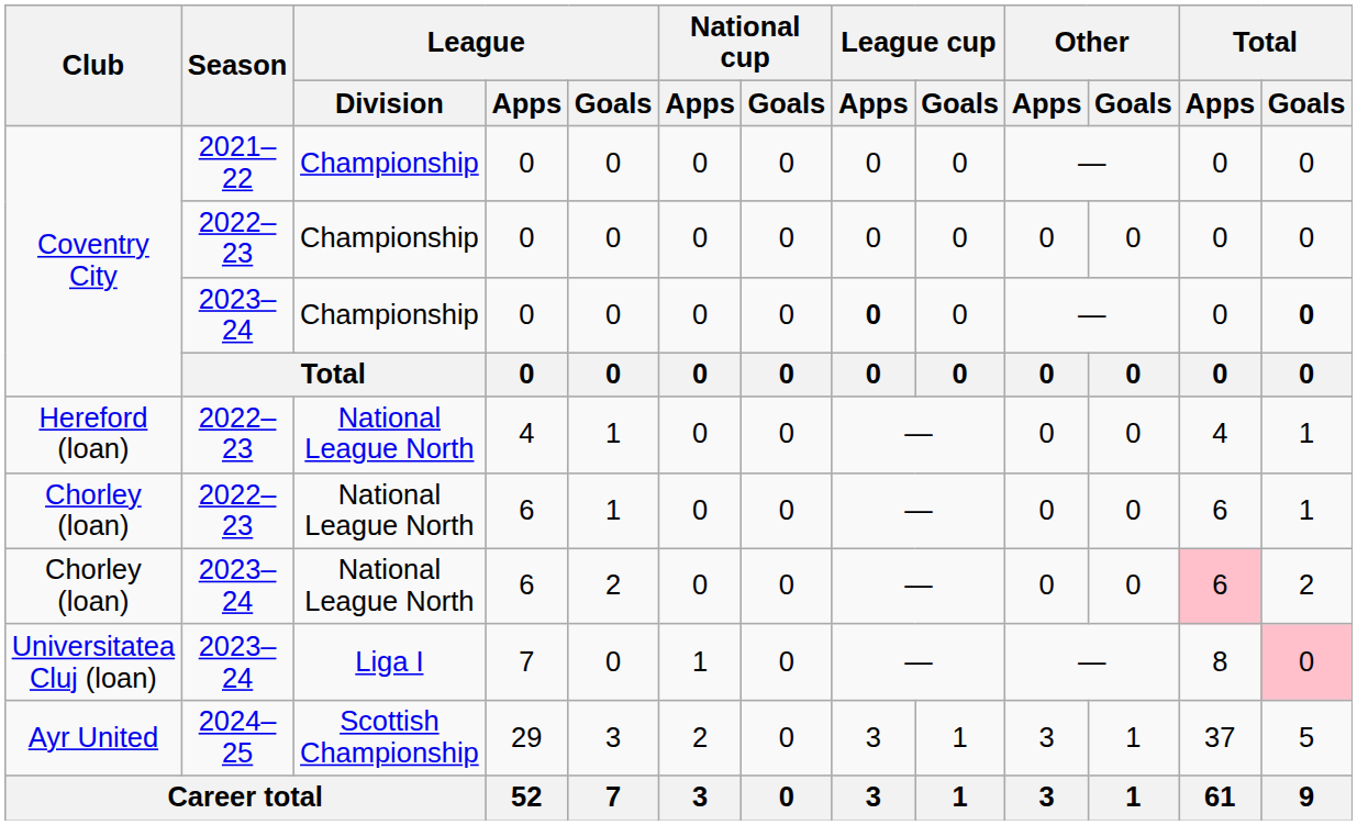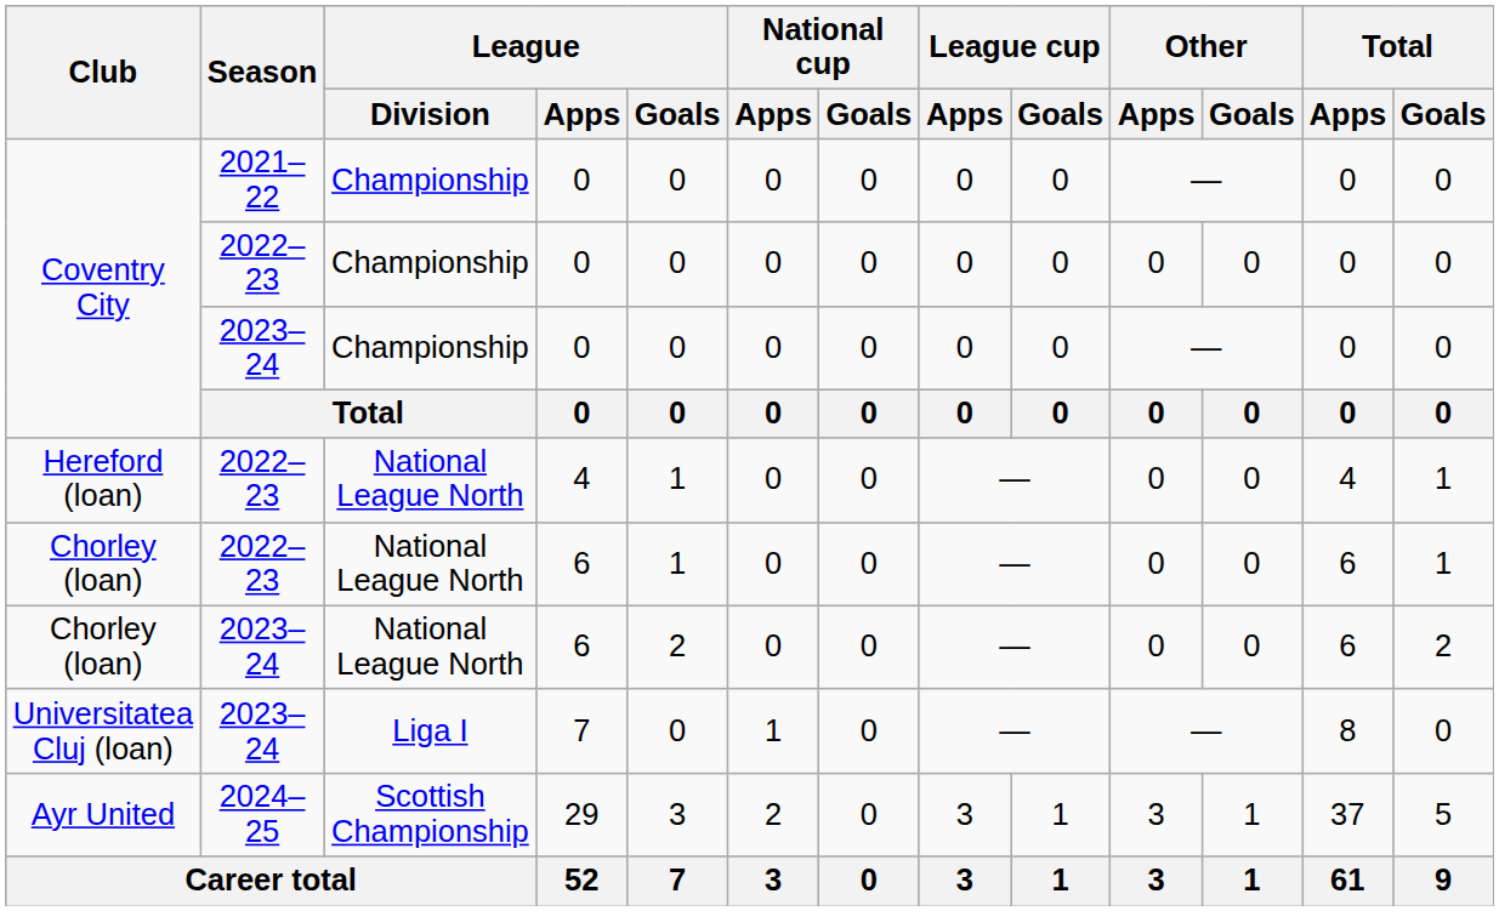 <table class=wikitable style="text-align: center">
 <tr>
 <th rowspan=2>Club</th>
 <th rowspan=2>Season</th>
 <th colspan=3>League</th>
 <th colspan=2>National cup</th>
 <th colspan=2>League cup</th>
 <th colspan=2>Other</th>
 <th colspan=2>Total</th>
 </tr>
 <tr>
 <th>Division</th>
 <th>Apps</th>
 <th>Goals</th>
 <th>Apps</th>
 <th>Goals</th>
 <th>Apps</th>
 <th>Goals</th>
 <th>Apps</th>
 <th>Goals</th>
 <th>Apps</th>
 <th>Goals</th>
 </tr>
 <tr>
 <td rowspan=4><a href='#'>Coventry City</a></td>
 <td><a href='#'>2021–22</a></td>
 <td><a href='#'>Championship</a></td>
 <td>0</td>
 <td>0</td>
 <td>0</td>
 <td>0</td>
 <td>0</td>
 <td>0</td>
 <td colspan=2>—</td>
 <td>0</td>
 <td>0</td>
 </tr>
 <tr>
 <td><a href='#'>2022–23</a></td>
 <td>Championship</td>
 <td>0</td>
 <td>0</td>
 <td>0</td>
 <td>0</td>
 <td>0</td>
 <td>0</td>
 <td>0</td>
 <td>0</td>
 <td>0</td>
 <td>0</td>
 </tr>
 <tr>
 <td><a href='#'>2023–24</a></td>
 <td>Championship</td>
 <td>0</td>
 <td>0</td>
 <td>0</td>
 <td>0</td>
-<td><strong>0</strong></td>
+<td>0</td>
 <td>0</td>
 <td colspan=2>—</td>
 <td>0</td>
-<td><strong>0</strong></td>
+<td>0</td>
 </tr>
 <tr>
 <th colspan=2>Total</th>
 <th>0</th>
 <th>0</th>
 <th>0</th>
 <th>0</th>
 <th>0</th>
 <th>0</th>
 <th>0</th>
 <th>0</th>
 <th>0</th>
 <th>0</th>
 </tr>
 <tr>
 <td><a href='#'>Hereford</a> (loan)</td>
 <td><a href='#'>2022–23</a></td>
 <td><a href='#'>National League North</a></td>
 <td>4</td>
 <td>1</td>
 <td>0</td>
 <td>0</td>
 <td colspan=2>—</td>
 <td>0</td>
 <td>0</td>
 <td>4</td>
 <td>1</td>
 </tr>
 <tr>
 <td><a href='#'>Chorley</a> (loan)</td>
 <td><a href='#'>2022–23</a></td>
 <td>National League North</td>
 <td>6</td>
 <td>1</td>
 <td>0</td>
 <td>0</td>
 <td colspan=2>—</td>
 <td>0</td>
 <td>0</td>
 <td>6</td>
 <td>1</td>
 </tr>
 <tr>
 <td>Chorley (loan)</td>
 <td><a href='#'>2023–24</a></td>
 <td>National League North</td>
 <td>6</td>
 <td>2</td>
 <td>0</td>
 <td>0</td>
 <td colspan=2>—</td>
 <td>0</td>
 <td>0</td>
-<td style="background: pink;">6</td>
+<td>6</td>
 <td>2</td>
 </tr>
 <tr>
 <td><a href='#'>Universitatea Cluj</a> (loan)</td>
 <td><a href='#'>2023–24</a></td>
 <td><a href='#'>Liga I</a></td>
 <td>7</td>
 <td>0</td>
 <td>1</td>
 <td>0</td>
 <td colspan=2>—</td>
 <td colspan=2>—</td>
 <td>8</td>
-<td style="background: pink;">0</td>
+<td>0</td>
 </tr>
 <tr>
 <td><a href='#'>Ayr United</a></td>
 <td><a href='#'>2024–25</a></td>
 <td><a href='#'>Scottish Championship</a></td>
 <td>29</td>
 <td>3</td>
 <td>2</td>
 <td>0</td>
 <td>3</td>
 <td>1</td>
 <td>3</td>
 <td>1</td>
 <td>37</td>
 <td>5</td>
 </tr>
 <tr>
 <th colspan=3>Career total</th>
 <th>52</th>
 <th>7</th>
 <th>3</th>
 <th>0</th>
 <th>3</th>
 <th>1</th>
 <th>3</th>
 <th>1</th>
 <th>61</th>
 <th>9</th>
 </tr>
 </table>
